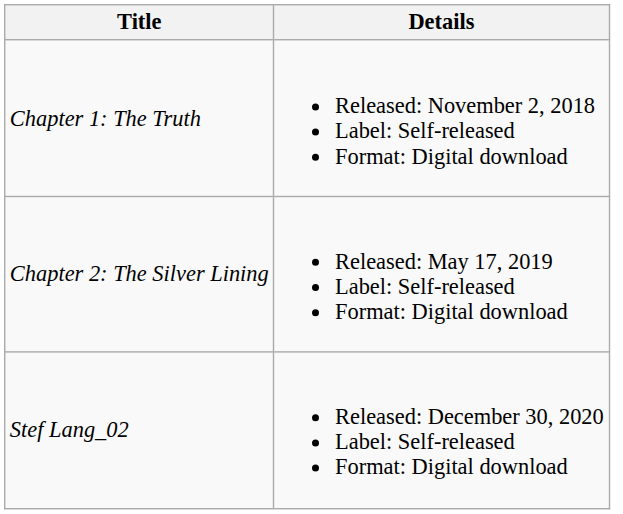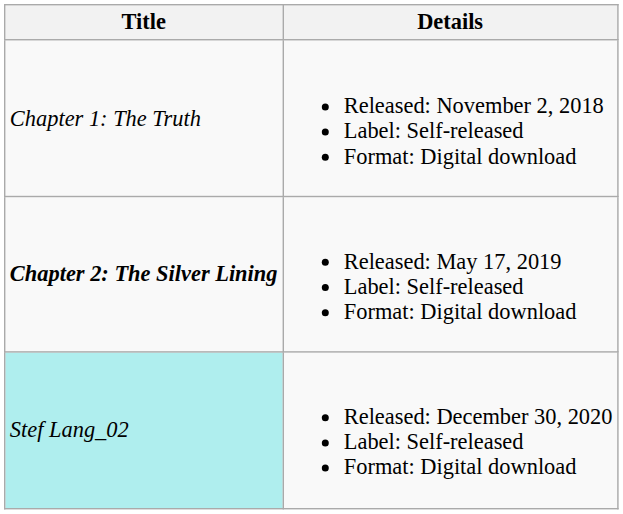 <table class="wikitable">
 <tr>
 <th>Title</th>
 <th>Details</th>
 </tr>
 <tr>
 <td><em>Chapter 1: The Truth</em></td>
 <td><br><ul><li>Released: November 2, 2018</li><li>Label: Self-released</li><li>Format: Digital download</li></ul></td>
 </tr>
 <tr>
-<td><em>Chapter 2: The Silver Lining</em></td>
+<td><strong><em>Chapter 2: The Silver Lining</em></strong></td>
 <td><br><ul><li>Released: May 17, 2019</li><li>Label: Self-released</li><li>Format: Digital download</li></ul></td>
 </tr>
 <tr>
-<td><em>Stef Lang_02</em></td>
+<td style="background: paleturquoise;"><em>Stef Lang_02</em></td>
 <td><br><ul><li>Released: December 30, 2020</li><li>Label: Self-released</li><li>Format: Digital download</li></ul></td>
 </tr>
 </table>
